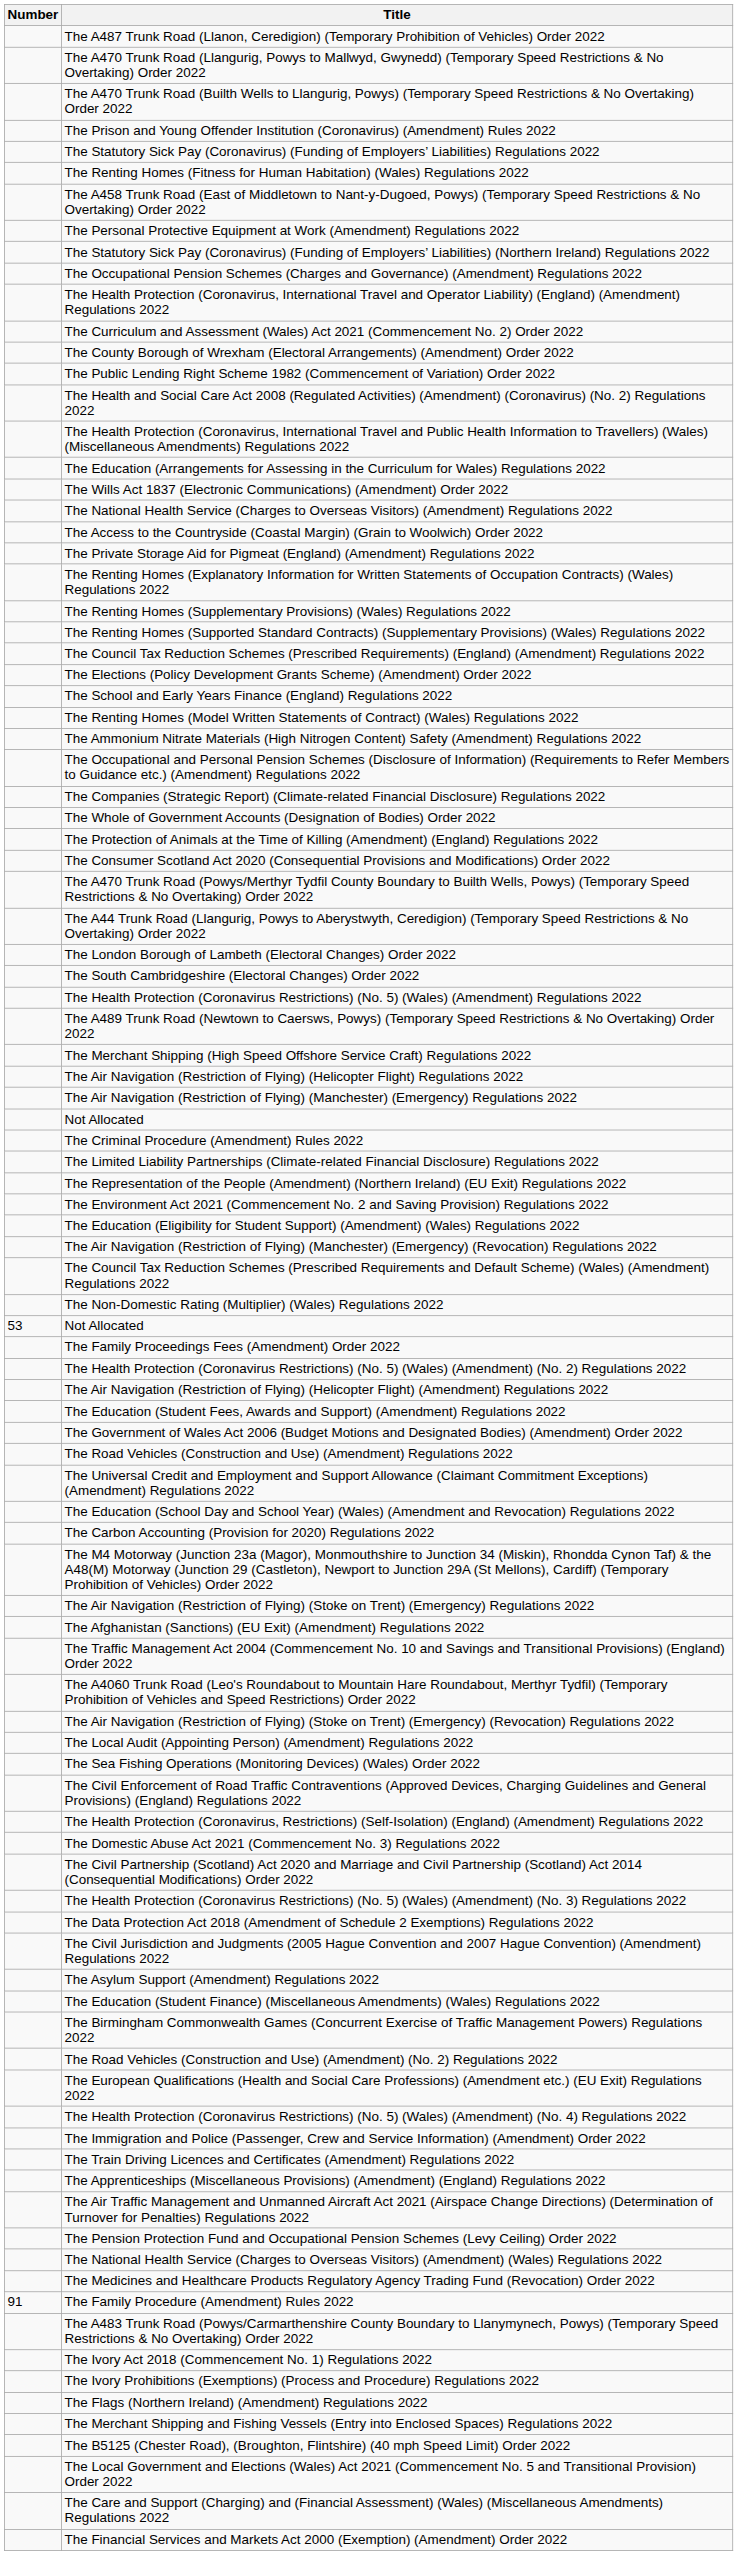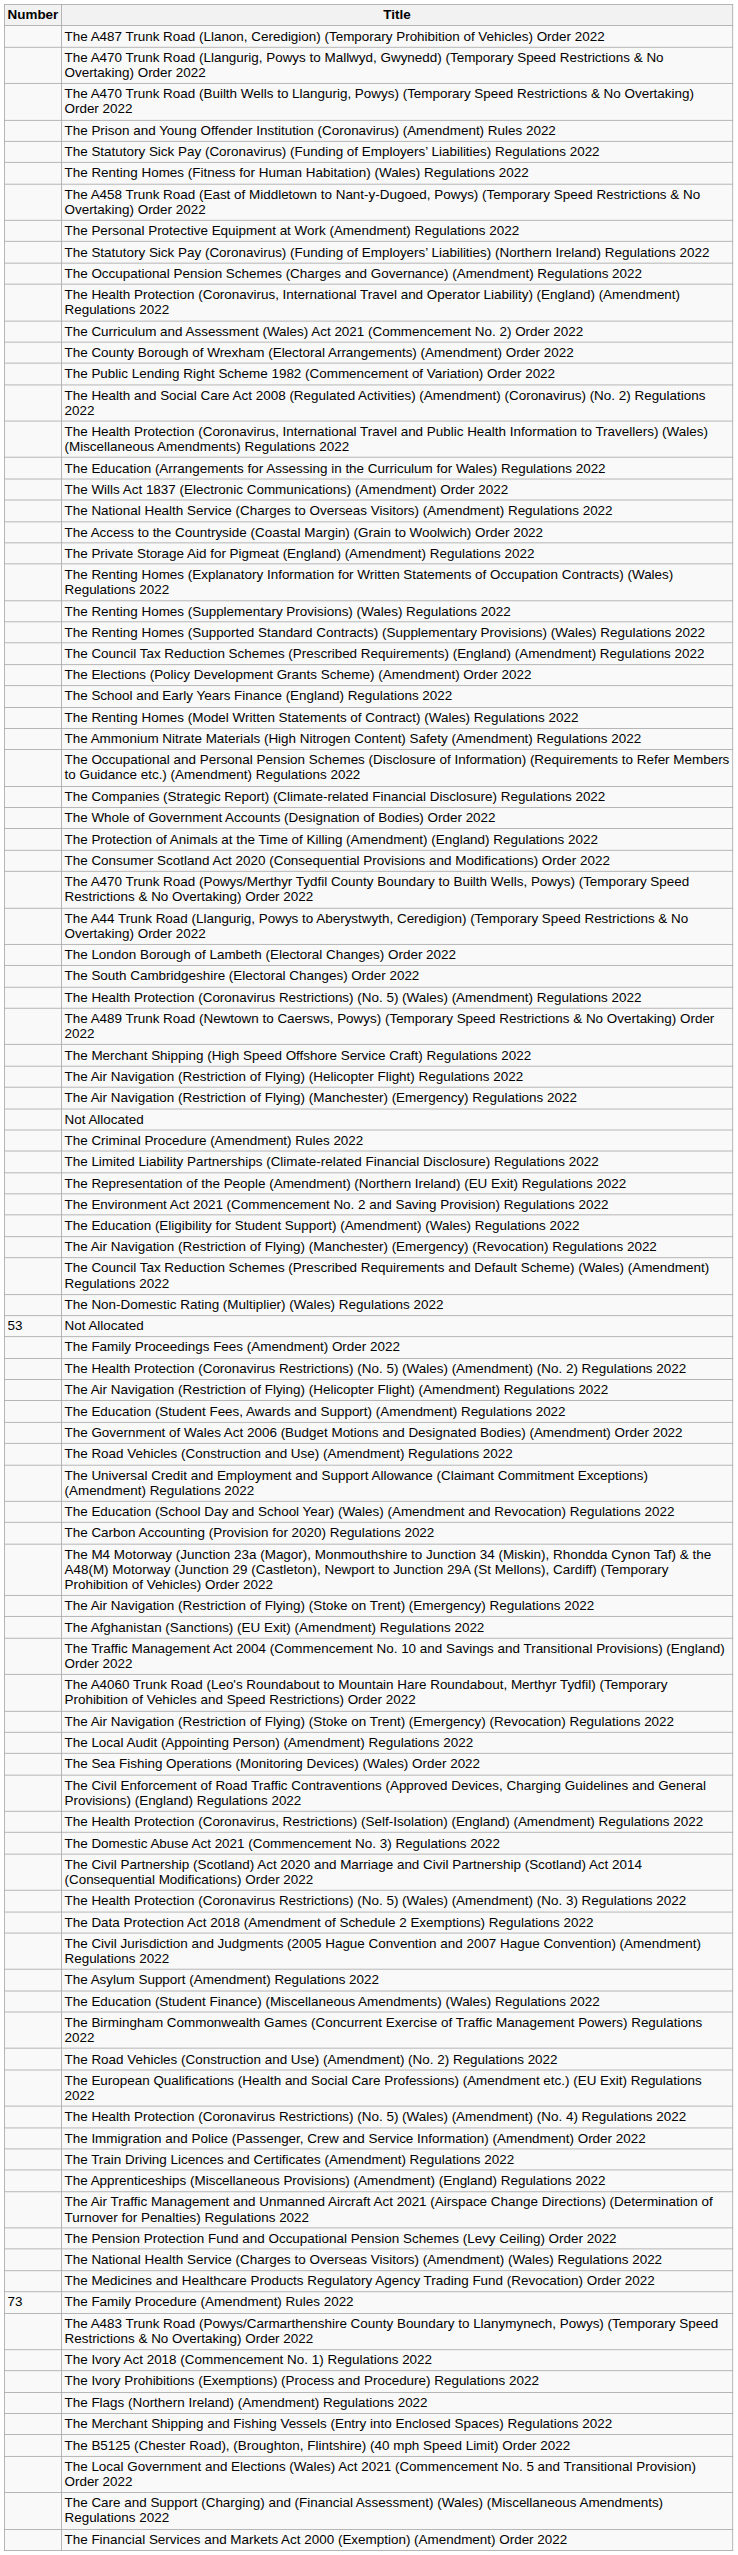 <table class="wikitable collapsible">
 <tr>
 <th>Number</th>
 <th>Title</th>
 </tr>
 <tr>
 <td></td>
 <td>The A487 Trunk Road (Llanon, Ceredigion) (Temporary Prohibition of Vehicles) Order 2022</td>
 </tr>
 <tr>
 <td></td>
 <td>The A470 Trunk Road (Llangurig, Powys to Mallwyd, Gwynedd) (Temporary Speed Restrictions & No Overtaking) Order 2022</td>
 </tr>
 <tr>
 <td></td>
 <td>The A470 Trunk Road (Builth Wells to Llangurig, Powys) (Temporary Speed Restrictions & No Overtaking) Order 2022</td>
 </tr>
 <tr>
 <td></td>
 <td>The Prison and Young Offender Institution (Coronavirus) (Amendment) Rules 2022</td>
 </tr>
 <tr>
 <td></td>
 <td>The Statutory Sick Pay (Coronavirus) (Funding of Employers’ Liabilities) Regulations 2022</td>
 </tr>
 <tr>
 <td></td>
 <td>The Renting Homes (Fitness for Human Habitation) (Wales) Regulations 2022</td>
 </tr>
 <tr>
 <td></td>
 <td>The A458 Trunk Road (East of Middletown to Nant-y-Dugoed, Powys) (Temporary Speed Restrictions & No Overtaking) Order 2022</td>
 </tr>
 <tr>
 <td></td>
 <td>The Personal Protective Equipment at Work (Amendment) Regulations 2022</td>
 </tr>
 <tr>
 <td></td>
 <td>The Statutory Sick Pay (Coronavirus) (Funding of Employers’ Liabilities) (Northern Ireland) Regulations 2022</td>
 </tr>
 <tr>
 <td></td>
 <td>The Occupational Pension Schemes (Charges and Governance) (Amendment) Regulations 2022</td>
 </tr>
 <tr>
 <td></td>
 <td>The Health Protection (Coronavirus, International Travel and Operator Liability) (England) (Amendment) Regulations 2022</td>
 </tr>
 <tr>
 <td></td>
 <td>The Curriculum and Assessment (Wales) Act 2021 (Commencement No. 2) Order 2022</td>
 </tr>
 <tr>
 <td></td>
 <td>The County Borough of Wrexham (Electoral Arrangements) (Amendment) Order 2022</td>
 </tr>
 <tr>
 <td></td>
 <td>The Public Lending Right Scheme 1982 (Commencement of Variation) Order 2022</td>
 </tr>
 <tr>
 <td></td>
 <td>The Health and Social Care Act 2008 (Regulated Activities) (Amendment) (Coronavirus) (No. 2) Regulations 2022</td>
 </tr>
 <tr>
 <td></td>
 <td>The Health Protection (Coronavirus, International Travel and Public Health Information to Travellers) (Wales) (Miscellaneous Amendments) Regulations 2022</td>
 </tr>
 <tr>
 <td></td>
 <td>The Education (Arrangements for Assessing in the Curriculum for Wales) Regulations 2022</td>
 </tr>
 <tr>
 <td></td>
 <td>The Wills Act 1837 (Electronic Communications) (Amendment) Order 2022</td>
 </tr>
 <tr>
 <td></td>
 <td>The National Health Service (Charges to Overseas Visitors) (Amendment) Regulations 2022</td>
 </tr>
 <tr>
 <td></td>
 <td>The Access to the Countryside (Coastal Margin) (Grain to Woolwich) Order 2022</td>
 </tr>
 <tr>
 <td></td>
 <td>The Private Storage Aid for Pigmeat (England) (Amendment) Regulations 2022</td>
 </tr>
 <tr>
 <td></td>
 <td>The Renting Homes (Explanatory Information for Written Statements of Occupation Contracts) (Wales) Regulations 2022</td>
 </tr>
 <tr>
 <td></td>
 <td>The Renting Homes (Supplementary Provisions) (Wales) Regulations 2022</td>
 </tr>
 <tr>
 <td></td>
 <td>The Renting Homes (Supported Standard Contracts) (Supplementary Provisions) (Wales) Regulations 2022</td>
 </tr>
 <tr>
 <td></td>
 <td>The Council Tax Reduction Schemes (Prescribed Requirements) (England) (Amendment) Regulations 2022</td>
 </tr>
 <tr>
 <td></td>
 <td>The Elections (Policy Development Grants Scheme) (Amendment) Order 2022</td>
 </tr>
 <tr>
 <td></td>
 <td>The School and Early Years Finance (England) Regulations 2022</td>
 </tr>
 <tr>
 <td></td>
 <td>The Renting Homes (Model Written Statements of Contract) (Wales) Regulations 2022</td>
 </tr>
 <tr>
 <td></td>
 <td>The Ammonium Nitrate Materials (High Nitrogen Content) Safety (Amendment) Regulations 2022</td>
 </tr>
 <tr>
 <td></td>
 <td>The Occupational and Personal Pension Schemes (Disclosure of Information) (Requirements to Refer Members to Guidance etc.) (Amendment) Regulations 2022</td>
 </tr>
 <tr>
 <td></td>
 <td>The Companies (Strategic Report) (Climate-related Financial Disclosure) Regulations 2022</td>
 </tr>
 <tr>
 <td></td>
 <td>The Whole of Government Accounts (Designation of Bodies) Order 2022</td>
 </tr>
 <tr>
 <td></td>
 <td>The Protection of Animals at the Time of Killing (Amendment) (England) Regulations 2022</td>
 </tr>
 <tr>
 <td></td>
 <td>The Consumer Scotland Act 2020 (Consequential Provisions and Modifications) Order 2022</td>
 </tr>
 <tr>
 <td></td>
 <td>The A470 Trunk Road (Powys/Merthyr Tydfil County Boundary to Builth Wells, Powys) (Temporary Speed Restrictions & No Overtaking) Order 2022</td>
 </tr>
 <tr>
 <td></td>
 <td>The A44 Trunk Road (Llangurig, Powys to Aberystwyth, Ceredigion) (Temporary Speed Restrictions & No Overtaking) Order 2022</td>
 </tr>
 <tr>
 <td></td>
 <td>The London Borough of Lambeth (Electoral Changes) Order 2022</td>
 </tr>
 <tr>
 <td></td>
 <td>The South Cambridgeshire (Electoral Changes) Order 2022</td>
 </tr>
 <tr>
 <td></td>
 <td>The Health Protection (Coronavirus Restrictions) (No. 5) (Wales) (Amendment) Regulations 2022</td>
 </tr>
 <tr>
 <td></td>
 <td>The A489 Trunk Road (Newtown to Caersws, Powys) (Temporary Speed Restrictions & No Overtaking) Order 2022</td>
 </tr>
 <tr>
 <td></td>
 <td>The Merchant Shipping (High Speed Offshore Service Craft) Regulations 2022</td>
 </tr>
 <tr>
 <td></td>
 <td>The Air Navigation (Restriction of Flying) (Helicopter Flight) Regulations 2022</td>
 </tr>
 <tr>
 <td></td>
 <td>The Air Navigation (Restriction of Flying) (Manchester) (Emergency) Regulations 2022</td>
 </tr>
 <tr>
 <td></td>
 <td>Not Allocated</td>
 </tr>
 <tr>
 <td></td>
 <td>The Criminal Procedure (Amendment) Rules 2022</td>
 </tr>
 <tr>
 <td></td>
 <td>The Limited Liability Partnerships (Climate-related Financial Disclosure) Regulations 2022</td>
 </tr>
 <tr>
 <td></td>
 <td>The Representation of the People (Amendment) (Northern Ireland) (EU Exit) Regulations 2022</td>
 </tr>
 <tr>
 <td></td>
 <td>The Environment Act 2021 (Commencement No. 2 and Saving Provision) Regulations 2022</td>
 </tr>
 <tr>
 <td></td>
 <td>The Education (Eligibility for Student Support) (Amendment) (Wales) Regulations 2022</td>
 </tr>
 <tr>
 <td></td>
 <td>The Air Navigation (Restriction of Flying) (Manchester) (Emergency) (Revocation) Regulations 2022</td>
 </tr>
 <tr>
 <td></td>
 <td>The Council Tax Reduction Schemes (Prescribed Requirements and Default Scheme) (Wales) (Amendment) Regulations 2022</td>
 </tr>
 <tr>
 <td></td>
 <td>The Non-Domestic Rating (Multiplier) (Wales) Regulations 2022</td>
 </tr>
 <tr>
 <td>53</td>
 <td>Not Allocated</td>
 </tr>
 <tr>
 <td></td>
 <td>The Family Proceedings Fees (Amendment) Order 2022</td>
 </tr>
 <tr>
 <td></td>
 <td>The Health Protection (Coronavirus Restrictions) (No. 5) (Wales) (Amendment) (No. 2) Regulations 2022</td>
 </tr>
 <tr>
 <td></td>
 <td>The Air Navigation (Restriction of Flying) (Helicopter Flight) (Amendment) Regulations 2022</td>
 </tr>
 <tr>
 <td></td>
 <td>The Education (Student Fees, Awards and Support) (Amendment) Regulations 2022</td>
 </tr>
 <tr>
 <td></td>
 <td>The Government of Wales Act 2006 (Budget Motions and Designated Bodies) (Amendment) Order 2022</td>
 </tr>
 <tr>
 <td></td>
 <td>The Road Vehicles (Construction and Use) (Amendment) Regulations 2022</td>
 </tr>
 <tr>
 <td></td>
 <td>The Universal Credit and Employment and Support Allowance (Claimant Commitment Exceptions) (Amendment) Regulations 2022</td>
 </tr>
 <tr>
 <td></td>
 <td>The Education (School Day and School Year) (Wales) (Amendment and Revocation) Regulations 2022</td>
 </tr>
 <tr>
 <td></td>
 <td>The Carbon Accounting (Provision for 2020) Regulations 2022</td>
 </tr>
 <tr>
 <td></td>
 <td>The M4 Motorway (Junction 23a (Magor), Monmouthshire to Junction 34 (Miskin), Rhondda Cynon Taf) & the A48(M) Motorway (Junction 29 (Castleton), Newport to Junction 29A (St Mellons), Cardiff) (Temporary Prohibition of Vehicles) Order 2022</td>
 </tr>
 <tr>
 <td></td>
 <td>The Air Navigation (Restriction of Flying) (Stoke on Trent) (Emergency) Regulations 2022</td>
 </tr>
 <tr>
 <td></td>
 <td>The Afghanistan (Sanctions) (EU Exit) (Amendment) Regulations 2022</td>
 </tr>
 <tr>
 <td></td>
 <td>The Traffic Management Act 2004 (Commencement No. 10 and Savings and Transitional Provisions) (England) Order 2022</td>
 </tr>
 <tr>
 <td></td>
 <td>The A4060 Trunk Road (Leo's Roundabout to Mountain Hare Roundabout, Merthyr Tydfil) (Temporary Prohibition of Vehicles and Speed Restrictions) Order 2022</td>
 </tr>
 <tr>
 <td></td>
 <td>The Air Navigation (Restriction of Flying) (Stoke on Trent) (Emergency) (Revocation) Regulations 2022</td>
 </tr>
 <tr>
 <td></td>
 <td>The Local Audit (Appointing Person) (Amendment) Regulations 2022</td>
 </tr>
 <tr>
 <td></td>
 <td>The Sea Fishing Operations (Monitoring Devices) (Wales) Order 2022</td>
 </tr>
 <tr>
 <td></td>
 <td>The Civil Enforcement of Road Traffic Contraventions (Approved Devices, Charging Guidelines and General Provisions) (England) Regulations 2022</td>
 </tr>
 <tr>
 <td></td>
 <td>The Health Protection (Coronavirus, Restrictions) (Self-Isolation) (England) (Amendment) Regulations 2022</td>
 </tr>
 <tr>
 <td></td>
 <td>The Domestic Abuse Act 2021 (Commencement No. 3) Regulations 2022</td>
 </tr>
 <tr>
 <td></td>
 <td>The Civil Partnership (Scotland) Act 2020 and Marriage and Civil Partnership (Scotland) Act 2014 (Consequential Modifications) Order 2022</td>
 </tr>
 <tr>
 <td></td>
 <td>The Health Protection (Coronavirus Restrictions) (No. 5) (Wales) (Amendment) (No. 3) Regulations 2022</td>
 </tr>
 <tr>
 <td></td>
 <td>The Data Protection Act 2018 (Amendment of Schedule 2 Exemptions) Regulations 2022</td>
 </tr>
 <tr>
 <td></td>
 <td>The Civil Jurisdiction and Judgments (2005 Hague Convention and 2007 Hague Convention) (Amendment) Regulations 2022</td>
 </tr>
 <tr>
 <td></td>
 <td>The Asylum Support (Amendment) Regulations 2022</td>
 </tr>
 <tr>
 <td></td>
 <td>The Education (Student Finance) (Miscellaneous Amendments) (Wales) Regulations 2022</td>
 </tr>
 <tr>
 <td></td>
 <td>The Birmingham Commonwealth Games (Concurrent Exercise of Traffic Management Powers) Regulations 2022</td>
 </tr>
 <tr>
 <td></td>
 <td>The Road Vehicles (Construction and Use) (Amendment) (No. 2) Regulations 2022</td>
 </tr>
 <tr>
 <td></td>
 <td>The European Qualifications (Health and Social Care Professions) (Amendment etc.) (EU Exit) Regulations 2022</td>
 </tr>
 <tr>
 <td></td>
 <td>The Health Protection (Coronavirus Restrictions) (No. 5) (Wales) (Amendment) (No. 4) Regulations 2022</td>
 </tr>
 <tr>
 <td></td>
 <td>The Immigration and Police (Passenger, Crew and Service Information) (Amendment) Order 2022</td>
 </tr>
 <tr>
 <td></td>
 <td>The Train Driving Licences and Certificates (Amendment) Regulations 2022</td>
 </tr>
 <tr>
 <td></td>
 <td>The Apprenticeships (Miscellaneous Provisions) (Amendment) (England) Regulations 2022</td>
 </tr>
 <tr>
 <td></td>
 <td>The Air Traffic Management and Unmanned Aircraft Act 2021 (Airspace Change Directions) (Determination of Turnover for Penalties) Regulations 2022</td>
 </tr>
 <tr>
 <td></td>
 <td>The Pension Protection Fund and Occupational Pension Schemes (Levy Ceiling) Order 2022</td>
 </tr>
 <tr>
 <td></td>
 <td>The National Health Service (Charges to Overseas Visitors) (Amendment) (Wales) Regulations 2022</td>
 </tr>
 <tr>
 <td></td>
 <td>The Medicines and Healthcare Products Regulatory Agency Trading Fund (Revocation) Order 2022</td>
 </tr>
 <tr>
-<td>91</td>
+<td>73</td>
 <td>The Family Procedure (Amendment) Rules 2022</td>
 </tr>
 <tr>
 <td></td>
 <td>The A483 Trunk Road (Powys/Carmarthenshire County Boundary to Llanymynech, Powys) (Temporary Speed Restrictions & No Overtaking) Order 2022</td>
 </tr>
 <tr>
 <td></td>
 <td>The Ivory Act 2018 (Commencement No. 1) Regulations 2022</td>
 </tr>
 <tr>
 <td></td>
 <td>The Ivory Prohibitions (Exemptions) (Process and Procedure) Regulations 2022</td>
 </tr>
 <tr>
 <td></td>
 <td>The Flags (Northern Ireland) (Amendment) Regulations 2022</td>
 </tr>
 <tr>
 <td></td>
 <td>The Merchant Shipping and Fishing Vessels (Entry into Enclosed Spaces) Regulations 2022</td>
 </tr>
 <tr>
 <td></td>
 <td>The B5125 (Chester Road), (Broughton, Flintshire) (40 mph Speed Limit) Order 2022</td>
 </tr>
 <tr>
 <td></td>
 <td>The Local Government and Elections (Wales) Act 2021 (Commencement No. 5 and Transitional Provision) Order 2022</td>
 </tr>
 <tr>
 <td></td>
 <td>The Care and Support (Charging) and (Financial Assessment) (Wales) (Miscellaneous Amendments) Regulations 2022</td>
 </tr>
 <tr>
 <td></td>
 <td>The Financial Services and Markets Act 2000 (Exemption) (Amendment) Order 2022</td>
 </tr>
 </table>
